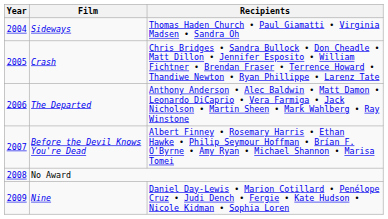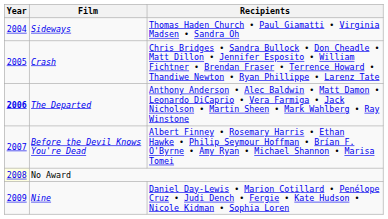 <table class="wikitable" width="95%" cellpadding="5">
 <tr>
 <th width="5%">Year</th>
 <th width="30%">Film</th>
 <th width="60%">Recipients</th>
 </tr>
 <tr>
 <td style="text-align:center;"><a href='#'>2004</a></td>
 <td><em><a href='#'>Sideways</a></em></td>
 <td><a href='#'>Thomas Haden Church</a> • <a href='#'>Paul Giamatti</a> • <a href='#'>Virginia Madsen</a> • <a href='#'>Sandra Oh</a></td>
 </tr>
 <tr>
 <td style="text-align:center;"><a href='#'>2005</a></td>
 <td><em><a href='#'>Crash</a></em></td>
 <td><a href='#'>Chris Bridges</a> • <a href='#'>Sandra Bullock</a> • <a href='#'>Don Cheadle</a> • <a href='#'>Matt Dillon</a> • <a href='#'>Jennifer Esposito</a> • <a href='#'>William Fichtner</a> • <a href='#'>Brendan Fraser</a> • <a href='#'>Terrence Howard</a> • <a href='#'>Thandiwe Newton</a> • <a href='#'>Ryan Phillippe</a> • <a href='#'>Larenz Tate</a></td>
 </tr>
 <tr>
-<td style="text-align:center;"><a href='#'>2006</a></td>
+<td style="text-align:center;"><strong><a href='#'>2006</a></strong></td>
 <td><em><a href='#'>The Departed</a></em></td>
 <td><a href='#'>Anthony Anderson</a> • <a href='#'>Alec Baldwin</a> • <a href='#'>Matt Damon</a> • <a href='#'>Leonardo DiCaprio</a> • <a href='#'>Vera Farmiga</a> • <a href='#'>Jack Nicholson</a> • <a href='#'>Martin Sheen</a> • <a href='#'>Mark Wahlberg</a> • <a href='#'>Ray Winstone</a></td>
 </tr>
 <tr>
 <td style="text-align:center;"><a href='#'>2007</a></td>
 <td><em><a href='#'>Before the Devil Knows You're Dead</a></em></td>
 <td><a href='#'>Albert Finney</a> • <a href='#'>Rosemary Harris</a> • <a href='#'>Ethan Hawke</a> • <a href='#'>Philip Seymour Hoffman</a> • <a href='#'>Brían F. O'Byrne</a> • <a href='#'>Amy Ryan</a> • <a href='#'>Michael Shannon</a> • <a href='#'>Marisa Tomei</a></td>
 </tr>
 <tr>
-<td style="text-align:center;"><a href='#'>2008</a></td>
+<td style="background: lightyellow; text-align:center;"><a href='#'>2008</a></td>
 <td colspan=2>No Award</td>
 </tr>
 <tr>
 <td style="text-align:center;"><a href='#'>2009</a></td>
 <td><em><a href='#'>Nine</a></em></td>
 <td><a href='#'>Daniel Day-Lewis</a> • <a href='#'>Marion Cotillard</a> • <a href='#'>Penélope Cruz</a> • <a href='#'>Judi Dench</a> • <a href='#'>Fergie</a> • <a href='#'>Kate Hudson</a> • <a href='#'>Nicole Kidman</a> • <a href='#'>Sophia Loren</a></td>
 </tr>
 </table>
